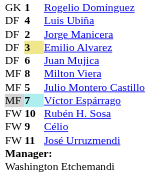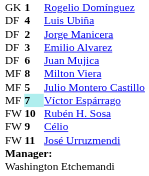 <table cellspacing="0" cellpadding="0" style="font-size:90%; margin:0.2em auto;">
 <tr>
 <th width="25"></th>
 <th width="25"></th>
 </tr>
 <tr>
 <td>GK</td>
 <td><strong>1</strong></td>
 <td> <a href='#'>Rogelio Domínguez</a></td>
 </tr>
 <tr>
 <td>DF</td>
 <td><strong>4</strong></td>
 <td> <a href='#'>Luis Ubiña</a></td>
 </tr>
 <tr>
 <td>DF</td>
 <td><strong>2</strong></td>
 <td> <a href='#'>Jorge Manicera</a></td>
 </tr>
 <tr>
 <td>DF</td>
-<td style="background: khaki;"><strong>3</strong></td>
+<td><strong>3</strong></td>
 <td> <a href='#'>Emilio Alvarez</a></td>
 </tr>
 <tr>
 <td>DF</td>
 <td><strong>6</strong></td>
 <td> <a href='#'>Juan Mujica</a></td>
 </tr>
 <tr>
 <td>MF</td>
 <td><strong>8</strong></td>
 <td> <a href='#'>Milton Viera</a></td>
 </tr>
 <tr>
 <td>MF</td>
 <td><strong>5</strong></td>
 <td> <a href='#'>Julio Montero Castillo</a></td>
 </tr>
 <tr>
-<td style="background: lightgrey;">MF</td>
+<td>MF</td>
 <td style="background: paleturquoise;"><strong>7</strong></td>
 <td> <a href='#'>Víctor Espárrago</a></td>
 </tr>
 <tr>
 <td>FW</td>
 <td><strong>10</strong></td>
 <td> <a href='#'>Rubén H. Sosa</a></td>
 </tr>
 <tr>
 <td>FW</td>
 <td><strong>9</strong></td>
 <td> <a href='#'>Célio</a></td>
 </tr>
 <tr>
 <td>FW</td>
 <td><strong>11</strong></td>
 <td> <a href='#'>José Urruzmendi</a></td>
 </tr>
 <tr>
 <td colspan=3><strong>Manager:</strong></td>
 </tr>
 <tr>
 <td colspan=4> Washington Etchemandi</td>
 </tr>
 </table>
